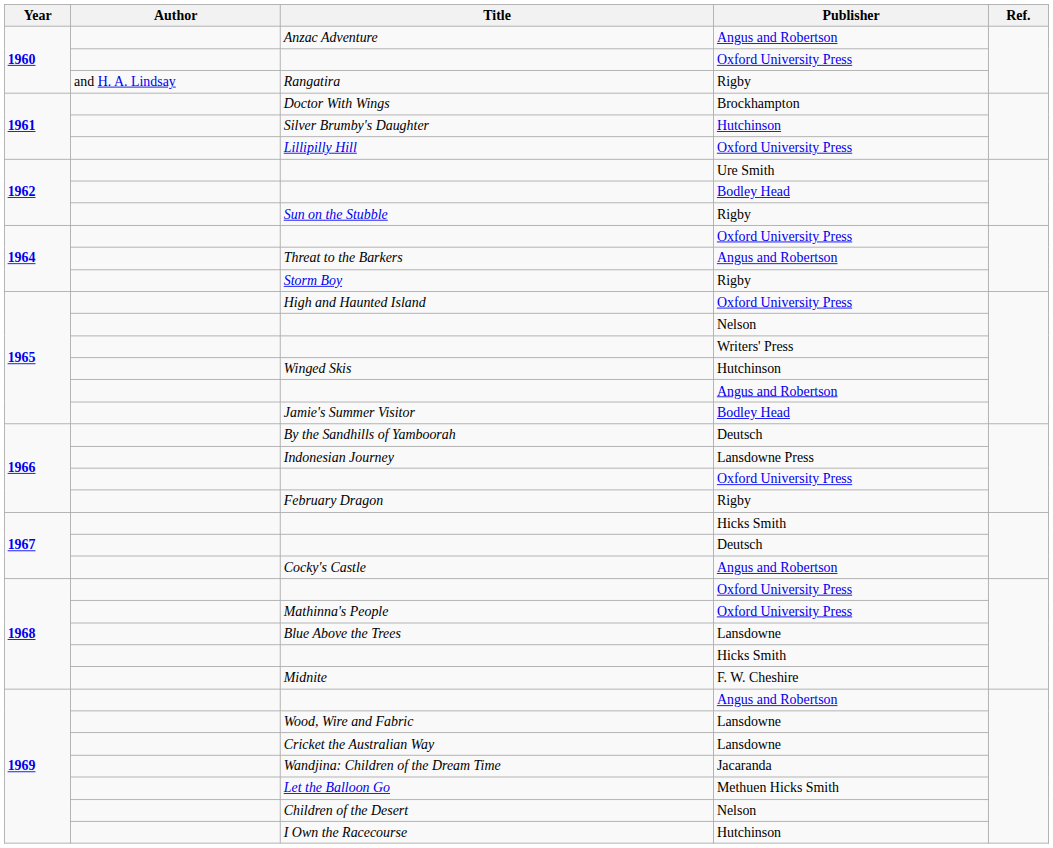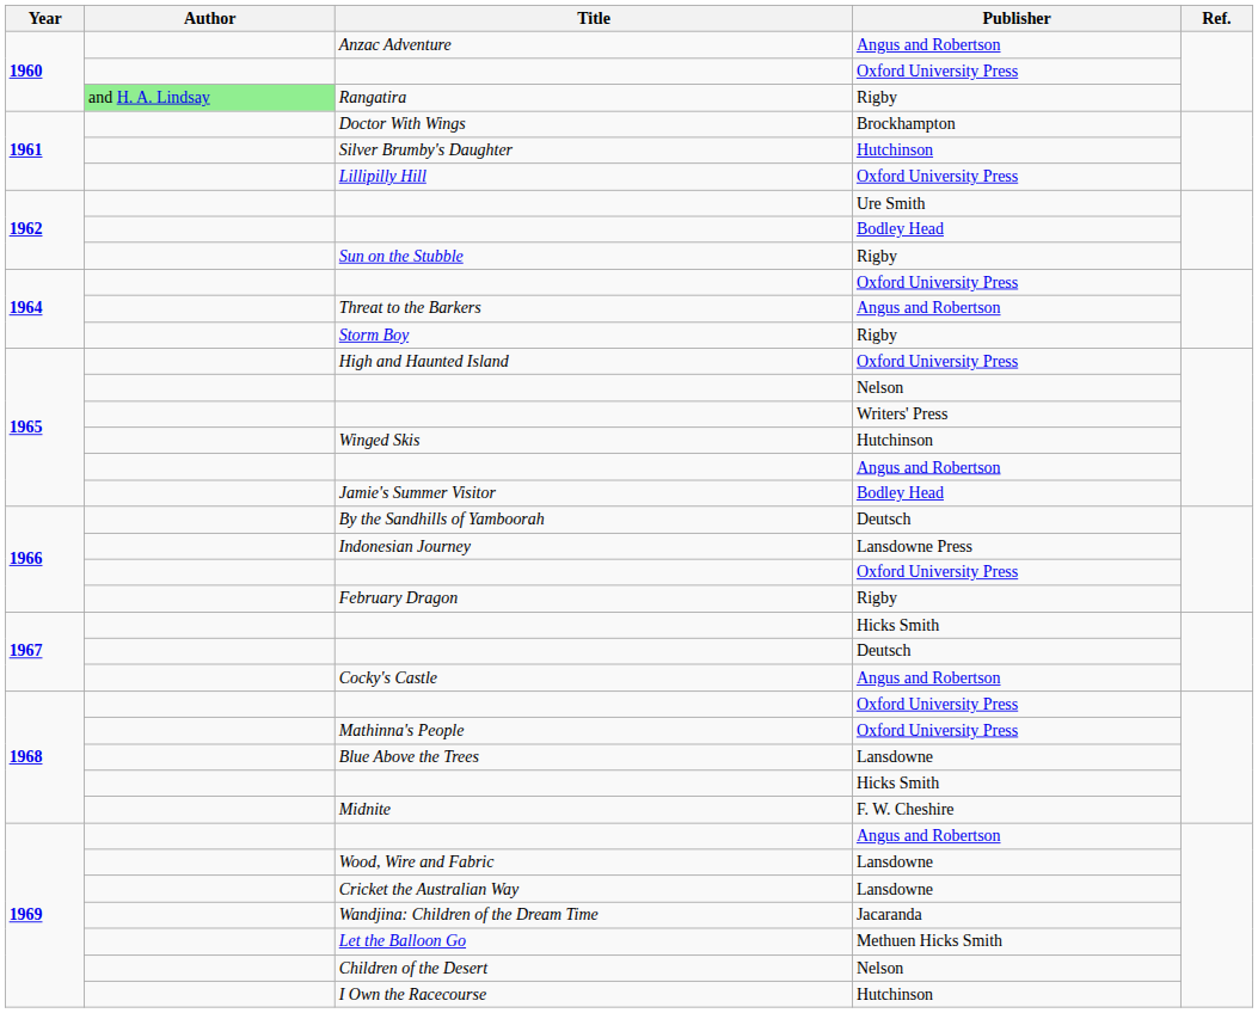 <table class="wikitable sortable mw-collapsible" width="95%">
 <tr>
 <th>Year</th>
 <th>Author</th>
 <th>Title</th>
 <th>Publisher</th>
 <th>Ref.</th>
 </tr>
 <tr>
 <td rowspan="3"><strong><a href='#'>1960</a></strong></td>
 <td></td>
 <td><em>Anzac Adventure</em></td>
 <td><a href='#'>Angus and Robertson</a></td>
 <td rowspan="3"></td>
 </tr>
 <tr>
 <td></td>
 <td><em></em></td>
 <td><a href='#'>Oxford University Press</a></td>
 </tr>
 <tr>
-<td> and <a href='#'>H. A. Lindsay</a></td>
+<td style="background: lightgreen;"> and <a href='#'>H. A. Lindsay</a></td>
 <td><em>Rangatira</em></td>
 <td>Rigby</td>
 </tr>
 <tr>
 <td rowspan="3"><strong><a href='#'>1961</a></strong></td>
 <td></td>
 <td><em>Doctor With Wings</em></td>
 <td>Brockhampton</td>
 <td rowspan="3"></td>
 </tr>
 <tr>
 <td></td>
 <td><em>Silver Brumby's Daughter</em></td>
 <td><a href='#'>Hutchinson</a></td>
 </tr>
 <tr>
 <td></td>
 <td><em><a href='#'>Lillipilly Hill</a></em></td>
 <td><a href='#'>Oxford University Press</a></td>
 </tr>
 <tr>
 <td rowspan="3"><strong><a href='#'>1962</a></strong></td>
 <td></td>
 <td><em></em></td>
 <td>Ure Smith</td>
 <td rowspan="3"></td>
 </tr>
 <tr>
 <td></td>
 <td><em></em></td>
 <td><a href='#'>Bodley Head</a></td>
 </tr>
 <tr>
 <td></td>
 <td><em><a href='#'>Sun on the Stubble</a></em></td>
 <td>Rigby</td>
 </tr>
 <tr>
 <td rowspan="3"><strong><a href='#'>1964</a></strong></td>
 <td></td>
 <td><em></em></td>
 <td><a href='#'>Oxford University Press</a></td>
 <td rowspan="3"></td>
 </tr>
 <tr>
 <td></td>
 <td><em>Threat to the Barkers</em></td>
 <td><a href='#'>Angus and Robertson</a></td>
 </tr>
 <tr>
 <td></td>
 <td><em><a href='#'>Storm Boy</a></em></td>
 <td>Rigby</td>
 </tr>
 <tr>
 <td rowspan="6"><strong><a href='#'>1965</a></strong></td>
 <td></td>
 <td><em>High and Haunted Island</em></td>
 <td><a href='#'>Oxford University Press</a></td>
 <td rowspan="6"></td>
 </tr>
 <tr>
 <td></td>
 <td><em></em></td>
 <td>Nelson</td>
 </tr>
 <tr>
 <td></td>
 <td><em></em></td>
 <td>Writers' Press</td>
 </tr>
 <tr>
 <td></td>
 <td><em>Winged Skis</em></td>
 <td>Hutchinson</td>
 </tr>
 <tr>
 <td></td>
 <td><em></em></td>
 <td><a href='#'>Angus and Robertson</a></td>
 </tr>
 <tr>
 <td></td>
 <td><em>Jamie's Summer Visitor</em></td>
 <td><a href='#'>Bodley Head</a></td>
 </tr>
 <tr>
 <td rowspan="4"><strong><a href='#'>1966</a></strong></td>
 <td></td>
 <td><em>By the Sandhills of Yamboorah</em></td>
 <td>Deutsch</td>
 <td rowspan="4"></td>
 </tr>
 <tr>
 <td></td>
 <td><em>Indonesian Journey</em></td>
 <td>Lansdowne Press</td>
 </tr>
 <tr>
 <td></td>
 <td><em></em></td>
 <td><a href='#'>Oxford University Press</a></td>
 </tr>
 <tr>
 <td></td>
 <td><em>February Dragon</em></td>
 <td>Rigby</td>
 </tr>
 <tr>
 <td rowspan="3"><strong><a href='#'>1967</a></strong></td>
 <td></td>
 <td><em></em></td>
 <td>Hicks Smith</td>
 <td rowspan="3"></td>
 </tr>
 <tr>
 <td></td>
 <td><em></em></td>
 <td>Deutsch</td>
 </tr>
 <tr>
 <td></td>
 <td><em>Cocky's Castle</em></td>
 <td><a href='#'>Angus and Robertson</a></td>
 </tr>
 <tr>
 <td rowspan="5"><strong><a href='#'>1968</a></strong></td>
 <td></td>
 <td><em></em></td>
 <td><a href='#'>Oxford University Press</a></td>
 <td rowspan="5"></td>
 </tr>
 <tr>
 <td></td>
 <td><em>Mathinna's People</em></td>
 <td><a href='#'>Oxford University Press</a></td>
 </tr>
 <tr>
 <td></td>
 <td><em>Blue Above the Trees</em></td>
 <td>Lansdowne</td>
 </tr>
 <tr>
 <td></td>
 <td><em></em></td>
 <td>Hicks Smith</td>
 </tr>
 <tr>
 <td></td>
 <td><em>Midnite</em></td>
 <td>F. W. Cheshire</td>
 </tr>
 <tr>
 <td rowspan="7"><strong><a href='#'>1969</a></strong></td>
 <td></td>
 <td><em></em></td>
 <td><a href='#'>Angus and Robertson</a></td>
 <td rowspan="7"></td>
 </tr>
 <tr>
 <td></td>
 <td><em>Wood, Wire and Fabric</em></td>
 <td>Lansdowne</td>
 </tr>
 <tr>
 <td></td>
 <td><em>Cricket the Australian Way</em></td>
 <td>Lansdowne</td>
 </tr>
 <tr>
 <td></td>
 <td><em>Wandjina: Children of the Dream Time</em></td>
 <td>Jacaranda</td>
 </tr>
 <tr>
 <td></td>
 <td><em><a href='#'>Let the Balloon Go</a></em></td>
 <td>Methuen Hicks Smith</td>
 </tr>
 <tr>
 <td></td>
 <td><em>Children of the Desert</em></td>
 <td>Nelson</td>
 </tr>
 <tr>
 <td></td>
 <td><em>I Own the Racecourse</em></td>
 <td>Hutchinson</td>
 </tr>
 </table>
